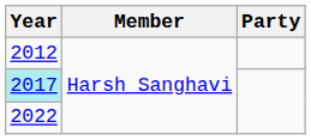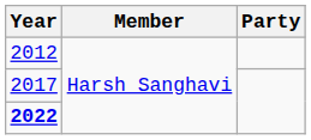 <table class="wikitable sortable">
 <tr>
 <th>Year</th>
 <th>Member</th>
 <th colspan="2">Party</th>
 </tr>
 <tr>
 <td><a href='#'>2012</a></td>
 <td rowspan="3"><a href='#'>Harsh Sanghavi</a></td>
 <td></td>
 </tr>
 <tr>
-<td style="background: paleturquoise;"><a href='#'>2017</a></td>
+<td><a href='#'>2017</a></td>
 </tr>
 <tr>
-<td><a href='#'>2022</a></td>
+<td><strong><a href='#'>2022</a></strong></td>
 </tr>
 </table>
